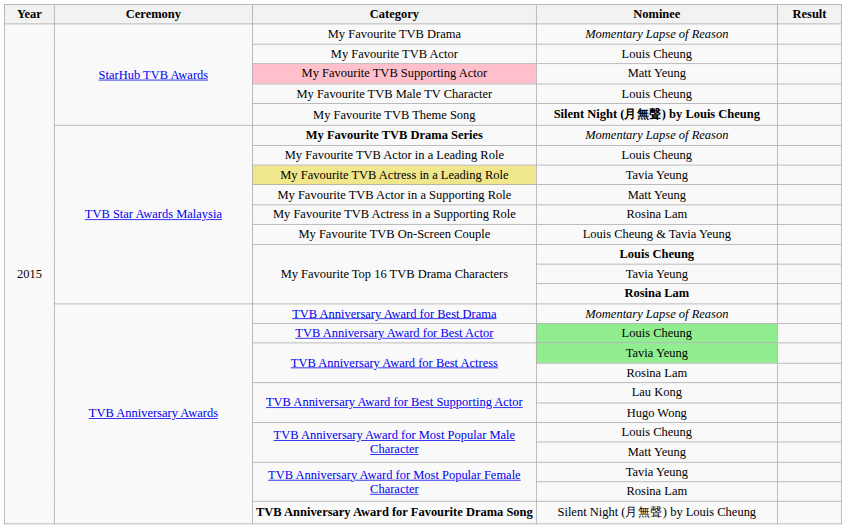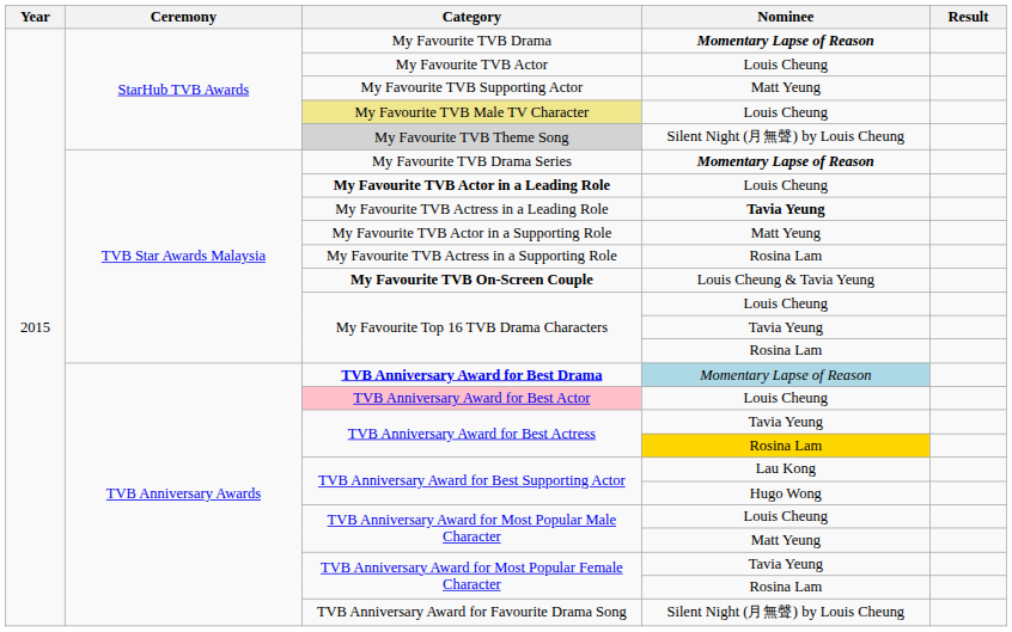 <table class="wikitable" style="width:85%;">
 <tr>
 <th style="width:45px;">Year</th>
 <th style="width:200px;">Ceremony</th>
 <th style="width:290px;">Category</th>
 <th style="width:245px;">Nominee</th>
 <th style="width:60px;">Result</th>
 </tr>
 <tr>
 <td align="center" rowspan=25>2015</td>
 <td align="center" rowspan=5><a href='#'>StarHub TVB Awards</a></td>
 <td align="center">My Favourite TVB Drama</td>
-<td align="center"><em>Momentary Lapse of Reason</em></td>
+<td align="center"><strong><em>Momentary Lapse of Reason</em></strong></td>
 <td></td>
 </tr>
 <tr>
 <td align="center">My Favourite TVB Actor</td>
 <td align="center">Louis Cheung</td>
 <td></td>
 </tr>
 <tr>
-<td align="center" style="background: pink;">My Favourite TVB Supporting Actor</td>
+<td align="center">My Favourite TVB Supporting Actor</td>
 <td align="center">Matt Yeung</td>
 <td></td>
 </tr>
 <tr>
-<td align="center">My Favourite TVB Male TV Character</td>
+<td align="center" style="background: khaki;">My Favourite TVB Male TV Character</td>
 <td align="center">Louis Cheung</td>
 <td></td>
 </tr>
 <tr>
-<td align="center">My Favourite TVB Theme Song</td>
-<td align="center"><strong>Silent Night (月無聲) by Louis Cheung</strong></td>
+<td align="center" style="background: lightgrey;">My Favourite TVB Theme Song</td>
+<td align="center">Silent Night (月無聲) by Louis Cheung</td>
 <td></td>
 </tr>
 <tr>
 <td align="center" rowspan=9><a href='#'>TVB Star Awards Malaysia</a></td>
-<td align="center"><strong>My Favourite TVB Drama Series</strong></td>
-<td align="center"><em>Momentary Lapse of Reason</em></td>
+<td align="center">My Favourite TVB Drama Series</td>
+<td align="center"><strong><em>Momentary Lapse of Reason</em></strong></td>
 <td></td>
 </tr>
 <tr>
-<td align="center">My Favourite TVB Actor in a Leading Role</td>
+<td align="center"><strong>My Favourite TVB Actor in a Leading Role</strong></td>
 <td align="center">Louis Cheung</td>
 <td></td>
 </tr>
 <tr>
-<td align="center" style="background: khaki;">My Favourite TVB Actress in a Leading Role</td>
-<td align="center">Tavia Yeung</td>
+<td align="center">My Favourite TVB Actress in a Leading Role</td>
+<td align="center"><strong>Tavia Yeung</strong></td>
 <td></td>
 </tr>
 <tr>
 <td align="center">My Favourite TVB Actor in a Supporting Role</td>
 <td align="center">Matt Yeung</td>
 <td></td>
 </tr>
 <tr>
 <td align="center">My Favourite TVB Actress in a Supporting Role</td>
 <td align="center">Rosina Lam</td>
 <td></td>
 </tr>
 <tr>
-<td align="center">My Favourite TVB On-Screen Couple</td>
+<td align="center"><strong>My Favourite TVB On-Screen Couple</strong></td>
 <td align="center">Louis Cheung & Tavia Yeung</td>
 <td></td>
 </tr>
 <tr>
 <td rowspan=3 align="center">My Favourite Top 16 TVB Drama Characters</td>
-<td align="center"><strong>Louis Cheung</strong></td>
+<td align="center">Louis Cheung</td>
 <td></td>
 </tr>
 <tr>
 <td align="center">Tavia Yeung</td>
 <td></td>
 </tr>
 <tr>
-<td align="center"><strong>Rosina Lam</strong></td>
+<td align="center">Rosina Lam</td>
 <td></td>
 </tr>
 <tr>
 <td align="center" rowspan=11><a href='#'>TVB Anniversary Awards</a></td>
-<td align="center"><a href='#'>TVB Anniversary Award for Best Drama</a></td>
-<td align="center"><em>Momentary Lapse of Reason</em></td>
+<td align="center"><strong><a href='#'>TVB Anniversary Award for Best Drama</a></strong></td>
+<td align="center" style="background: lightblue;"><em>Momentary Lapse of Reason</em></td>
 <td></td>
 </tr>
 <tr>
-<td align="center"><a href='#'>TVB Anniversary Award for Best Actor</a></td>
-<td align="center" style="background: lightgreen;">Louis Cheung</td>
+<td align="center" style="background: pink;"><a href='#'>TVB Anniversary Award for Best Actor</a></td>
+<td align="center">Louis Cheung</td>
 <td></td>
 </tr>
 <tr>
 <td rowspan=2 align="center"><a href='#'>TVB Anniversary Award for Best Actress</a></td>
-<td align="center" style="background: lightgreen;">Tavia Yeung</td>
+<td align="center">Tavia Yeung</td>
 <td></td>
 </tr>
 <tr>
-<td align="center">Rosina Lam</td>
+<td align="center" style="background: gold;">Rosina Lam</td>
 <td></td>
 </tr>
 <tr>
 <td rowspan=2 align="center"><a href='#'>TVB Anniversary Award for Best Supporting Actor</a></td>
 <td align="center">Lau Kong</td>
 <td></td>
 </tr>
 <tr>
 <td align="center">Hugo Wong</td>
 <td></td>
 </tr>
 <tr>
 <td rowspan=2 align="center"><a href='#'>TVB Anniversary Award for Most Popular Male Character</a></td>
 <td align="center">Louis Cheung</td>
 <td></td>
 </tr>
 <tr>
 <td align="center">Matt Yeung</td>
 <td></td>
 </tr>
 <tr>
 <td rowspan=2 align="center"><a href='#'>TVB Anniversary Award for Most Popular Female Character</a></td>
 <td align="center">Tavia Yeung</td>
 <td></td>
 </tr>
 <tr>
 <td align="center">Rosina Lam</td>
 <td></td>
 </tr>
 <tr>
-<td align="center"><strong>TVB Anniversary Award for Favourite Drama Song</strong></td>
+<td align="center">TVB Anniversary Award for Favourite Drama Song</td>
 <td align="center">Silent Night (月無聲) by Louis Cheung</td>
 <td></td>
 </tr>
 </table>
